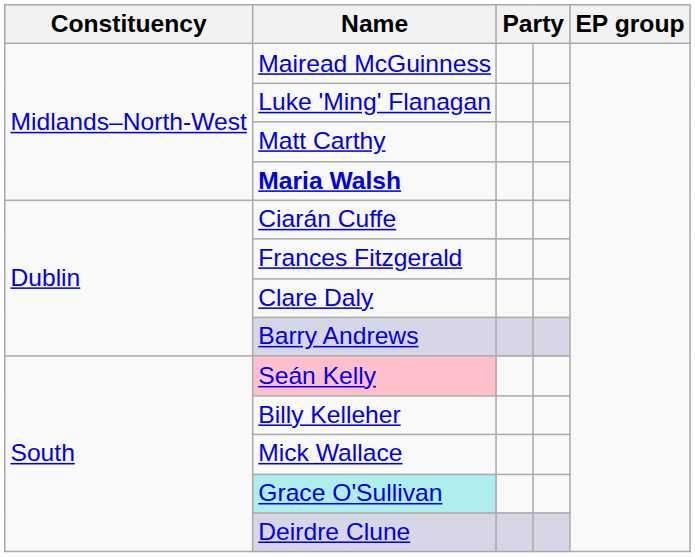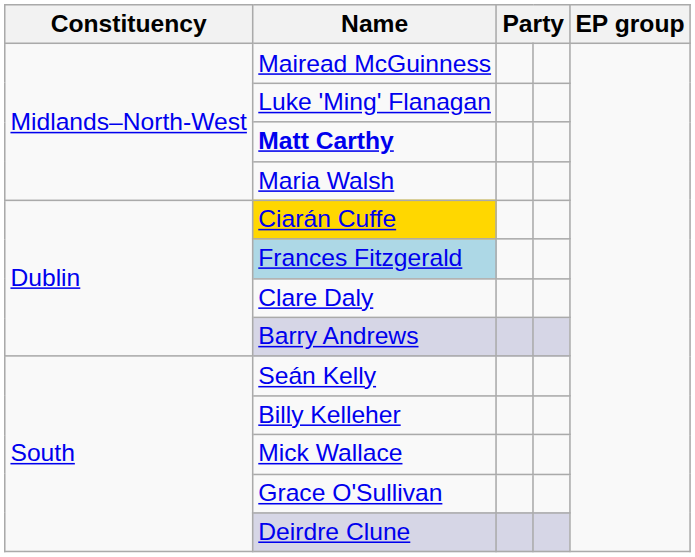 <table class=wikitable>
 <tr>
 <th>Constituency</th>
 <th>Name</th>
 <th colspan=2>Party</th>
 <th colspan=2>EP group</th>
 </tr>
 <tr>
 <td rowspan=4><a href='#'>Midlands–North-West</a></td>
 <td><a href='#'>Mairead McGuinness</a></td>
 <td></td>
 <td></td>
 </tr>
 <tr>
 <td><a href='#'>Luke 'Ming' Flanagan</a></td>
 <td></td>
 <td></td>
 </tr>
 <tr>
-<td><a href='#'>Matt Carthy</a></td>
+<td><strong><a href='#'>Matt Carthy</a></strong></td>
 <td></td>
 <td></td>
 </tr>
 <tr>
-<td><strong><a href='#'>Maria Walsh</a></strong></td>
+<td><a href='#'>Maria Walsh</a></td>
 <td></td>
 <td></td>
 </tr>
 <tr>
 <td rowspan=4><a href='#'>Dublin</a></td>
-<td><a href='#'>Ciarán Cuffe</a></td>
+<td style="background: gold;"><a href='#'>Ciarán Cuffe</a></td>
 <td></td>
 <td></td>
 </tr>
 <tr>
-<td><a href='#'>Frances Fitzgerald</a></td>
+<td style="background: lightblue;"><a href='#'>Frances Fitzgerald</a></td>
 <td></td>
 <td></td>
 </tr>
 <tr>
 <td><a href='#'>Clare Daly</a></td>
 <td></td>
 <td></td>
 </tr>
 <tr style="background:#D6D6E6;">
 <td><a href='#'>Barry Andrews</a></td>
 <td></td>
 <td></td>
 </tr>
 <tr>
 <td rowspan=5><a href='#'>South</a></td>
-<td style="background: pink;"><a href='#'>Seán Kelly</a></td>
+<td><a href='#'>Seán Kelly</a></td>
 <td></td>
 <td></td>
 </tr>
 <tr>
 <td><a href='#'>Billy Kelleher</a></td>
 <td></td>
 <td></td>
 </tr>
 <tr>
 <td><a href='#'>Mick Wallace</a></td>
 <td></td>
 <td></td>
 </tr>
 <tr>
-<td style="background: paleturquoise;"><a href='#'>Grace O'Sullivan</a></td>
+<td><a href='#'>Grace O'Sullivan</a></td>
 <td></td>
 <td></td>
 </tr>
 <tr style="background:#D6D6E6;">
 <td><a href='#'>Deirdre Clune</a></td>
 <td></td>
 <td></td>
 </tr>
 </table>
